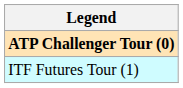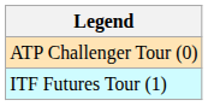 <table class=wikitable style=font-size:95%>
 <tr>
 <th>Legend</th>
 </tr>
 <tr style="background:moccasin;">
-<td><strong>ATP Challenger Tour (0)</strong></td>
+<td>ATP Challenger Tour (0)</td>
 </tr>
 <tr style="background:#cffcff;">
 <td>ITF Futures Tour (1)</td>
 </tr>
 </table>
